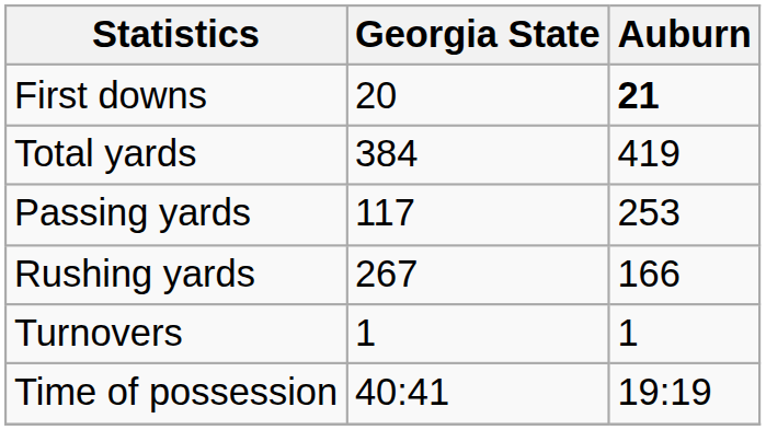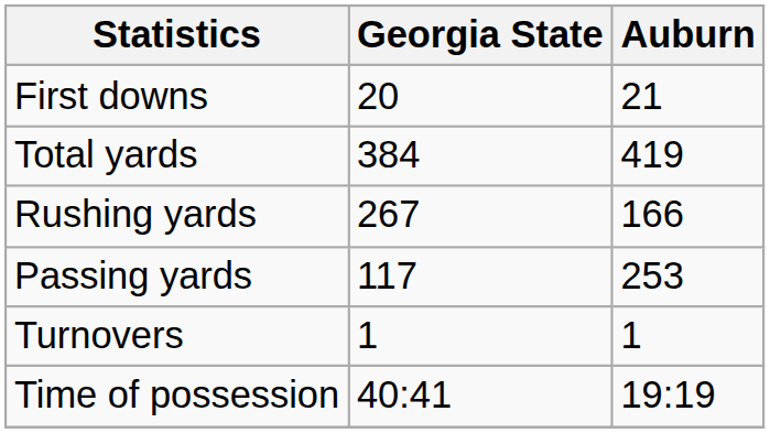 <table class="wikitable">
 <tr>
 <th>Statistics</th>
 <th>Georgia State</th>
 <th>Auburn</th>
 </tr>
 <tr>
 <td>First downs</td>
 <td>20</td>
-<td><strong>21</strong></td>
+<td>21</td>
 </tr>
 <tr>
 <td>Total yards</td>
 <td>384</td>
 <td>419</td>
 </tr>
 <tr>
+<td>Rushing yards</td>
+<td>267</td>
+<td>166</td>
+</tr>
+<tr>
 <td>Passing yards</td>
 <td>117</td>
 <td>253</td>
-</tr>
-<tr>
-<td>Rushing yards</td>
-<td>267</td>
-<td>166</td>
 </tr>
 <tr>
 <td>Turnovers</td>
 <td>1</td>
 <td>1</td>
 </tr>
 <tr>
 <td>Time of possession</td>
 <td>40:41</td>
 <td>19:19</td>
 </tr>
 <tr>
 </tr>
 </table>
